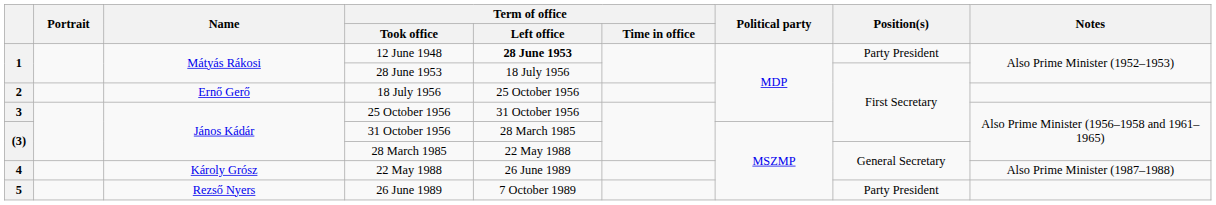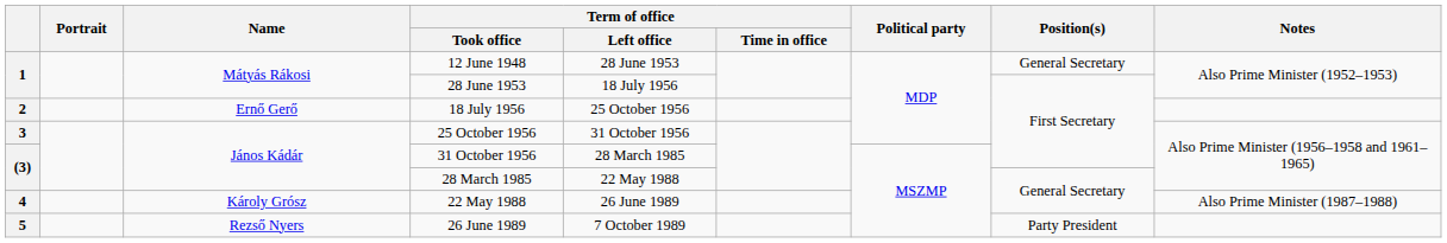 <table class="wikitable" style="text-align:center;">
 <tr>
 <th rowspan=2></th>
 <th rowspan=2>Portrait</th>
 <th width=20% rowspan=2>Name<br></th>
 <th colspan=3>Term of office</th>
 <th rowspan=2>Political party</th>
 <th rowspan=2>Position(s)</th>
 <th width=20% rowspan=2>Notes</th>
 </tr>
 <tr>
 <th>Took office</th>
 <th>Left office</th>
 <th>Time in office</th>
 </tr>
 <tr>
 <th rowspan=2 style="background-color:">1</th>
 <td rowspan=2></td>
 <td rowspan=2><a href='#'>Mátyás Rákosi</a><br></td>
 <td>12 June 1948</td>
-<td><strong>28 June 1953</strong></td>
+<td>28 June 1953</td>
 <td rowspan=2></td>
 <td rowspan=4><a href='#'>MDP</a></td>
-<td>Party President</td>
+<td>General Secretary</td>
 <td rowspan=2>Also Prime Minister (1952–1953)</td>
 </tr>
 <tr>
 <td>28 June 1953</td>
 <td>18 July 1956</td>
 <td rowspan=4>First Secretary</td>
 </tr>
 <tr>
 <th style="background-color:">2</th>
 <td></td>
 <td><a href='#'>Ernő Gerő</a><br></td>
 <td>18 July 1956</td>
 <td>25 October 1956</td>
 <td></td>
 <td></td>
 </tr>
 <tr>
 <th style="background-color:">3</th>
 <td rowspan=3></td>
 <td rowspan=3><a href='#'>János Kádár</a><br></td>
 <td>25 October 1956</td>
 <td>31 October 1956</td>
 <td rowspan=3></td>
 <td rowspan=3>Also Prime Minister (1956–1958 and 1961–1965)</td>
 </tr>
 <tr>
 <th rowspan=2 style="background-color:">(3)</th>
 <td>31 October 1956</td>
 <td>28 March 1985</td>
 <td rowspan=4><a href='#'>MSZMP</a></td>
 </tr>
 <tr>
 <td>28 March 1985</td>
 <td>22 May 1988</td>
 <td rowspan=2>General Secretary</td>
 </tr>
 <tr>
 <th style="background-color:">4</th>
 <td></td>
 <td><a href='#'>Károly Grósz</a><br></td>
 <td>22 May 1988</td>
 <td>26 June 1989</td>
 <td></td>
 <td>Also Prime Minister (1987–1988)</td>
 </tr>
 <tr>
 <th style="background-color:">5</th>
 <td></td>
 <td><a href='#'>Rezső Nyers</a><br></td>
 <td>26 June 1989</td>
 <td>7 October 1989</td>
 <td></td>
 <td>Party President</td>
 <td></td>
 </tr>
 </table>
